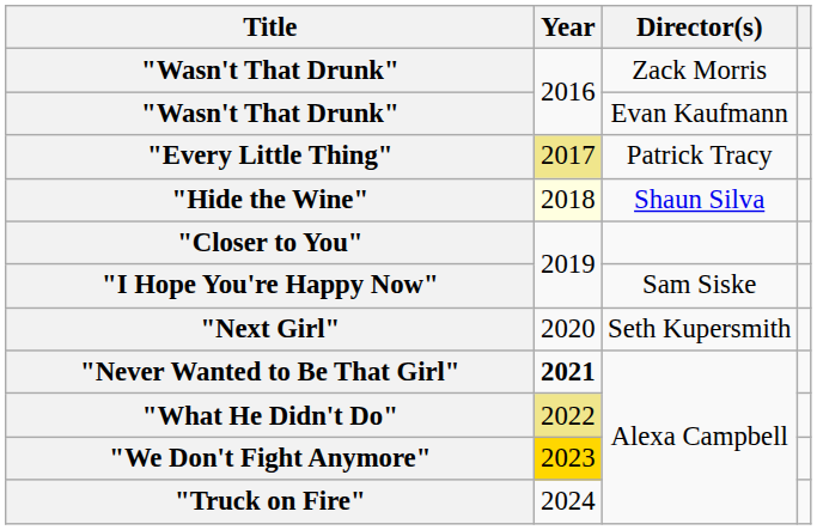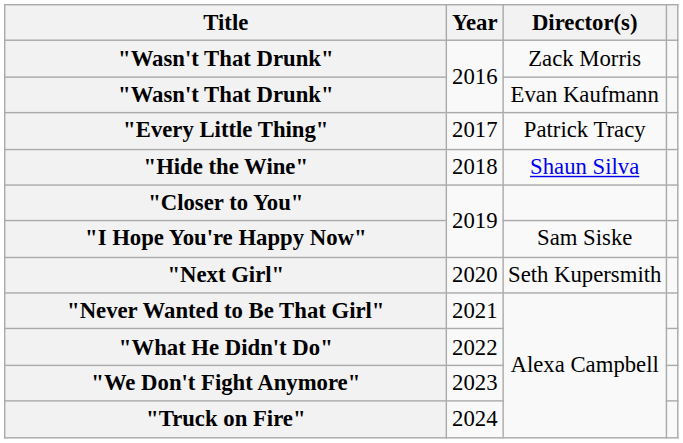 <table class="wikitable plainrowheaders" style="text-align:center;">
 <tr>
 <th scope="col" style="width:19em;">Title</th>
 <th scope="col">Year</th>
 <th scope="col">Director(s)</th>
 <th></th>
 </tr>
 <tr>
 <th scope="row">"Wasn't That Drunk" <br></th>
 <td rowspan="2">2016</td>
 <td>Zack Morris</td>
 <td></td>
 </tr>
 <tr>
 <th scope="row">"Wasn't That Drunk" <br></th>
 <td>Evan Kaufmann</td>
 <td></td>
 </tr>
 <tr>
 <th scope="row">"Every Little Thing"</th>
-<td style="background: khaki;">2017</td>
+<td>2017</td>
 <td>Patrick Tracy</td>
 <td></td>
 </tr>
 <tr>
 <th scope="row">"Hide the Wine"</th>
-<td style="background: lightyellow;">2018</td>
+<td>2018</td>
 <td><a href='#'>Shaun Silva</a></td>
 <td></td>
 </tr>
 <tr>
 <th scope="row">"Closer to You"</th>
 <td rowspan="2">2019</td>
 <td></td>
 <td></td>
 </tr>
 <tr>
 <th scope="row">"I Hope You're Happy Now"<br></th>
 <td>Sam Siske</td>
 <td></td>
 </tr>
 <tr>
 <th scope="row">"Next Girl"</th>
 <td>2020</td>
 <td>Seth Kupersmith</td>
 <td></td>
 </tr>
 <tr>
 <th scope="row">"Never Wanted to Be That Girl"<br></th>
-<td><strong>2021</strong></td>
+<td>2021</td>
 <td rowspan="4">Alexa Campbell</td>
 <td></td>
 </tr>
 <tr>
 <th scope="row">"What He Didn't Do"</th>
-<td style="background: khaki;">2022</td>
+<td>2022</td>
 <td></td>
 </tr>
 <tr>
 <th scope="row">"We Don't Fight Anymore"<br></th>
-<td style="background: gold;">2023</td>
+<td>2023</td>
 <td></td>
 </tr>
 <tr>
 <th scope="row">"Truck on Fire"</th>
 <td>2024</td>
 <td></td>
 </tr>
 </table>
